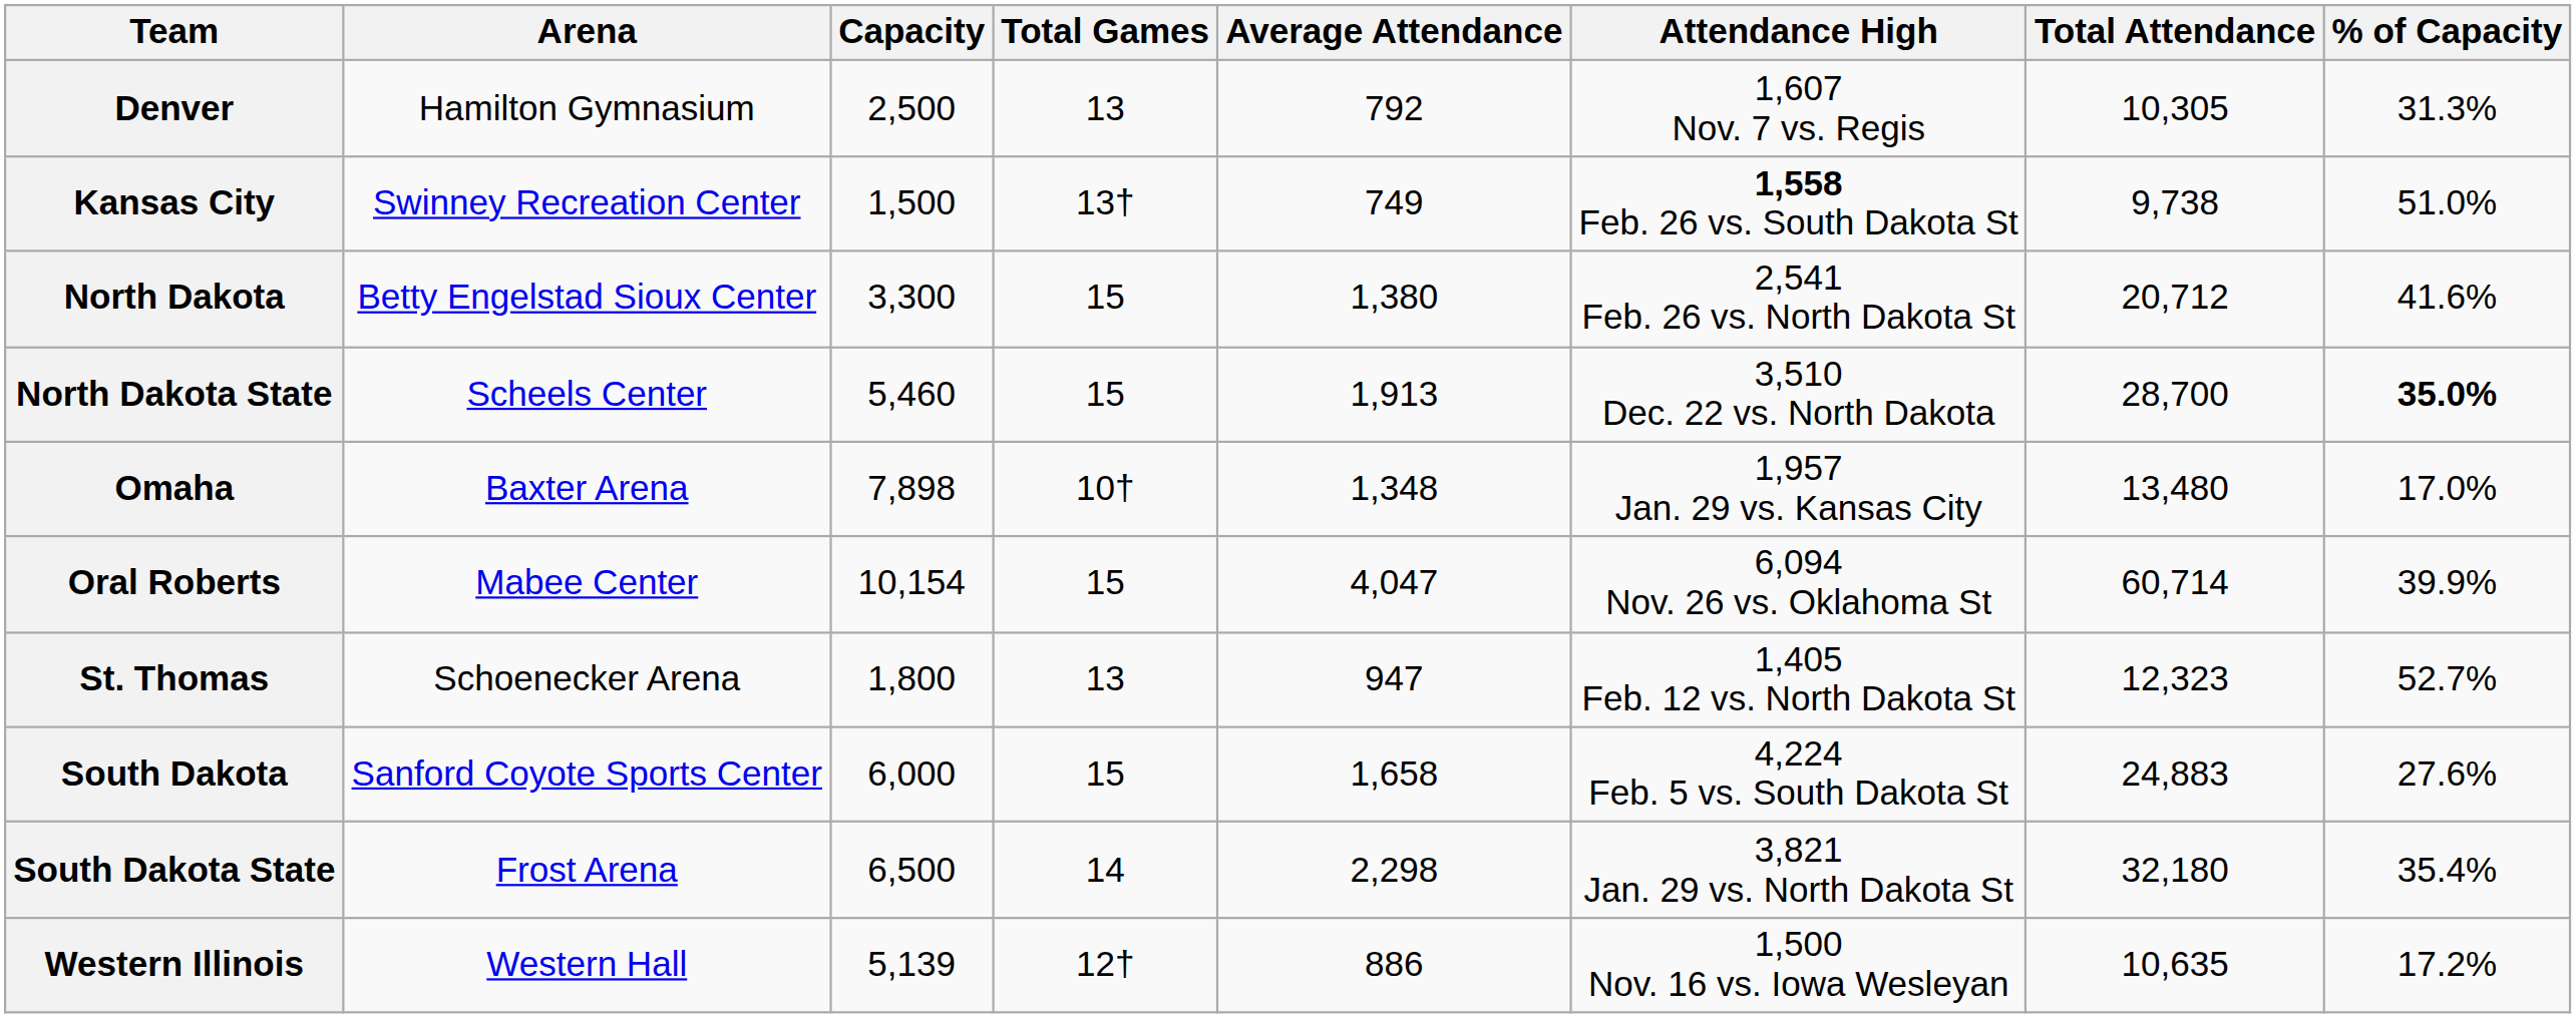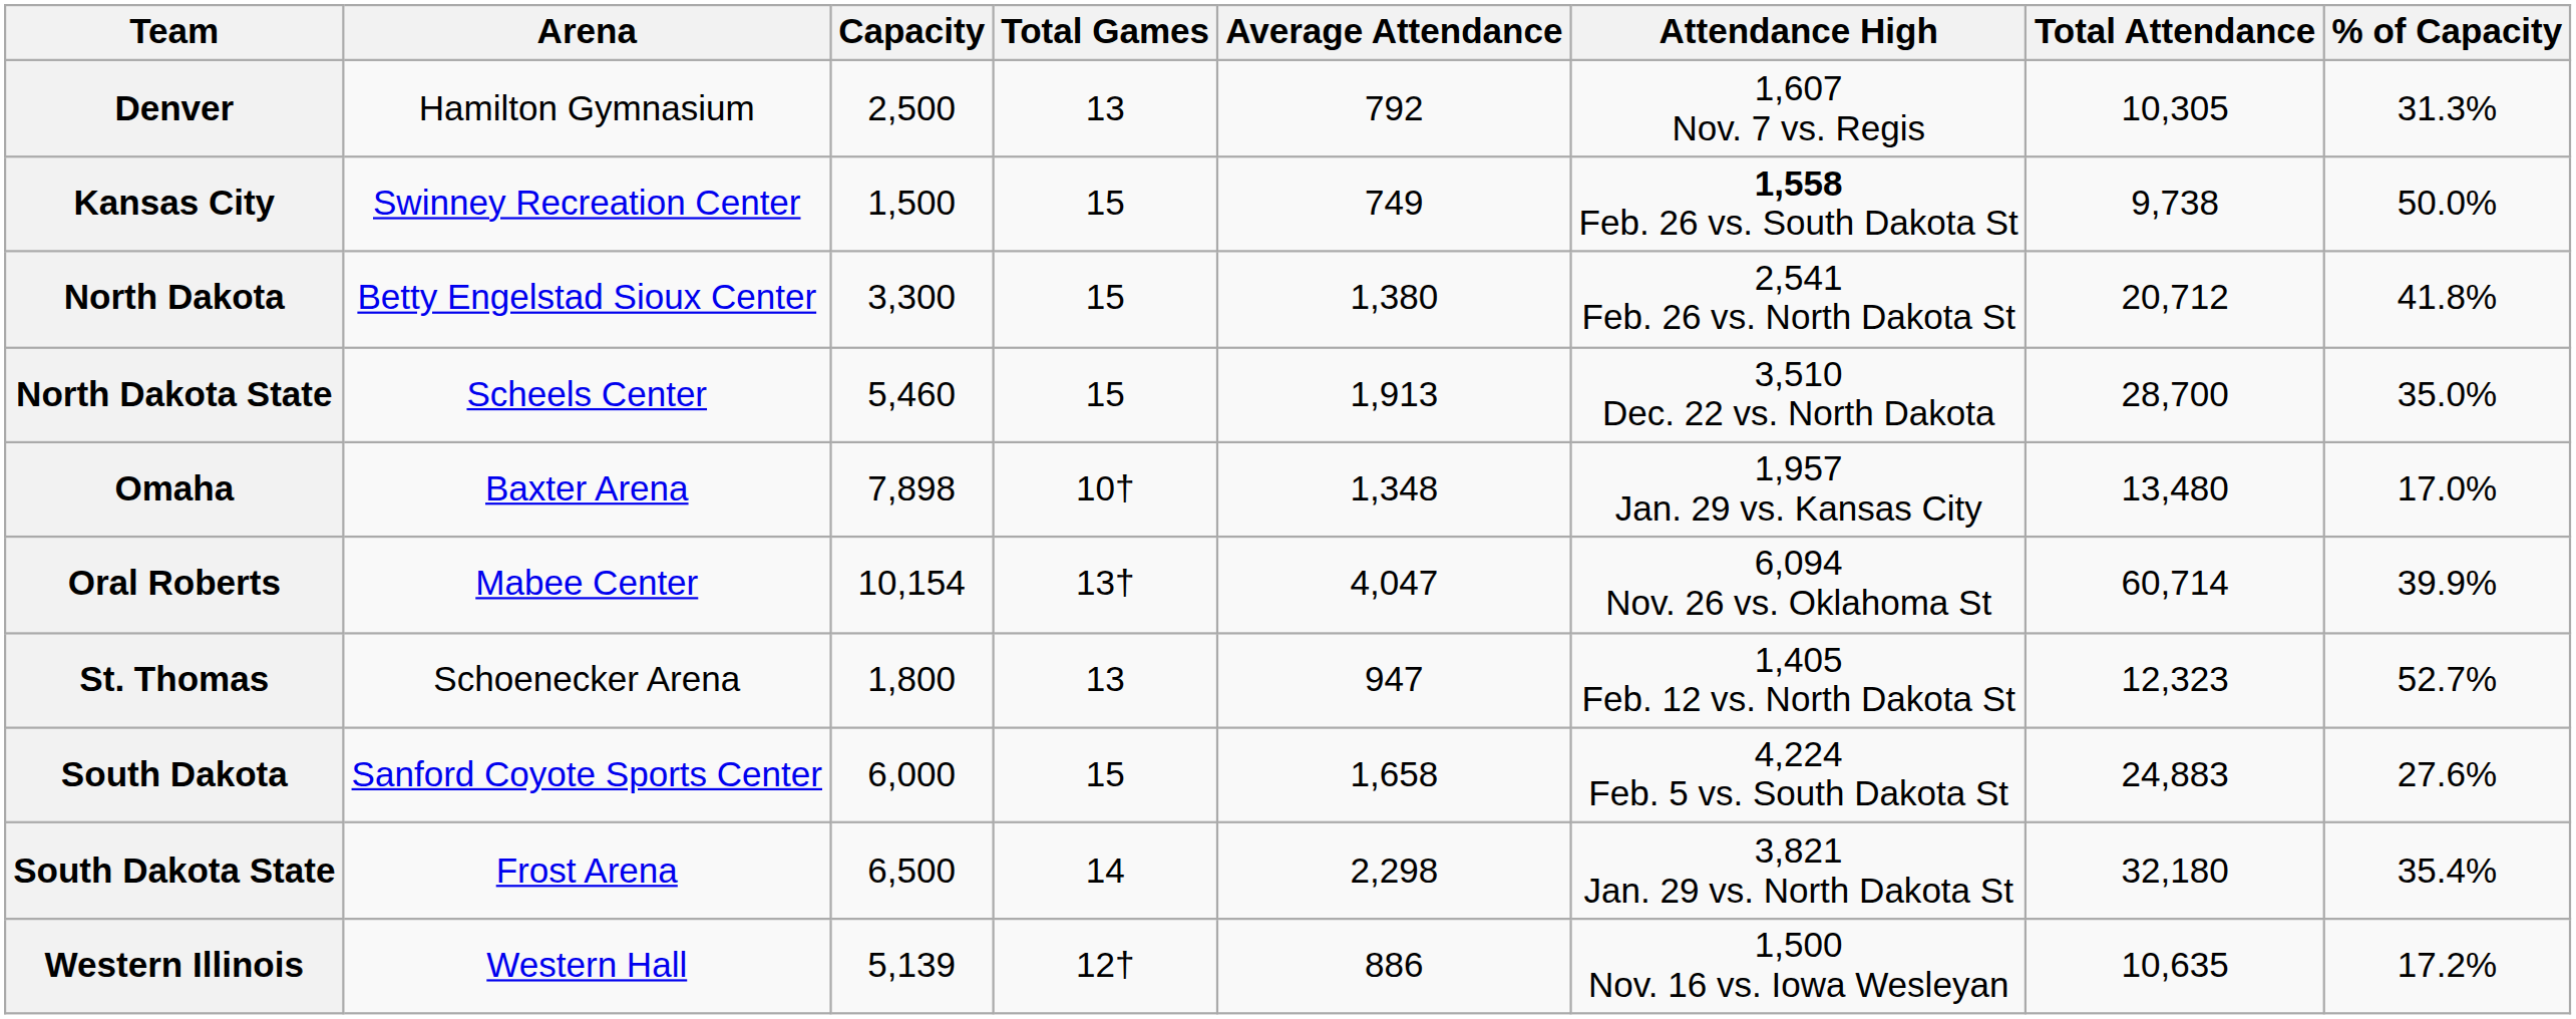 <table class="wikitable sortable" style="text-align:center">
 <tr>
 <th>Team</th>
 <th>Arena</th>
 <th>Capacity</th>
 <th>Total Games</th>
 <th>Average Attendance</th>
 <th>Attendance High</th>
 <th>Total Attendance</th>
 <th>% of Capacity</th>
 </tr>
 <tr>
 <th>Denver</th>
 <td>Hamilton Gymnasium</td>
 <td>2,500</td>
 <td>13</td>
 <td>792</td>
 <td>1,607<br>Nov. 7 vs. Regis</td>
 <td>10,305</td>
 <td>31.3%</td>
 </tr>
 <tr>
 <th>Kansas City</th>
 <td><a href='#'>Swinney Recreation Center</a></td>
 <td>1,500</td>
-<td>13†</td>
+<td>15</td>
 <td>749</td>
 <td><strong>1,558</strong><br>Feb. 26 vs. South Dakota St</td>
 <td>9,738</td>
-<td>51.0%</td>
+<td>50.0%</td>
 </tr>
 <tr>
 <th>North Dakota</th>
 <td><a href='#'>Betty Engelstad Sioux Center</a></td>
 <td>3,300</td>
 <td>15</td>
 <td>1,380</td>
 <td>2,541<br>Feb. 26 vs. North Dakota St</td>
 <td>20,712</td>
-<td>41.6%</td>
+<td>41.8%</td>
 </tr>
 <tr>
 <th>North Dakota State</th>
 <td><a href='#'>Scheels Center</a></td>
 <td>5,460</td>
 <td>15</td>
 <td>1,913</td>
 <td>3,510<br>Dec. 22 vs. North Dakota</td>
 <td>28,700</td>
-<td><strong>35.0%</strong></td>
+<td>35.0%</td>
 </tr>
 <tr>
 <th>Omaha</th>
 <td><a href='#'>Baxter Arena</a></td>
 <td>7,898</td>
 <td>10†</td>
 <td>1,348</td>
 <td>1,957<br>Jan. 29 vs. Kansas City</td>
 <td>13,480</td>
 <td>17.0%</td>
 </tr>
 <tr>
 <th>Oral Roberts</th>
 <td><a href='#'>Mabee Center</a></td>
 <td>10,154</td>
-<td>15</td>
+<td>13†</td>
 <td>4,047</td>
 <td>6,094<br>Nov. 26 vs. Oklahoma St</td>
 <td>60,714</td>
 <td>39.9%</td>
 </tr>
 <tr>
 <th>St. Thomas</th>
 <td>Schoenecker Arena</td>
 <td>1,800</td>
 <td>13</td>
 <td>947</td>
 <td>1,405<br>Feb. 12 vs. North Dakota St</td>
 <td>12,323</td>
 <td>52.7%</td>
 </tr>
 <tr>
 <th>South Dakota</th>
 <td><a href='#'>Sanford Coyote Sports Center</a></td>
 <td>6,000</td>
 <td>15</td>
 <td>1,658</td>
 <td>4,224<br>Feb. 5 vs. South Dakota St</td>
 <td>24,883</td>
 <td>27.6%</td>
 </tr>
 <tr>
 <th>South Dakota State</th>
 <td><a href='#'>Frost Arena</a></td>
 <td>6,500</td>
 <td>14</td>
 <td>2,298</td>
 <td>3,821<br>Jan. 29 vs. North Dakota St</td>
 <td>32,180</td>
 <td>35.4%</td>
 </tr>
 <tr>
 <th>Western Illinois</th>
 <td><a href='#'>Western Hall</a></td>
 <td>5,139</td>
 <td>12†</td>
 <td>886</td>
 <td>1,500<br>Nov. 16 vs. Iowa Wesleyan</td>
 <td>10,635</td>
 <td>17.2%</td>
 </tr>
 </table>
